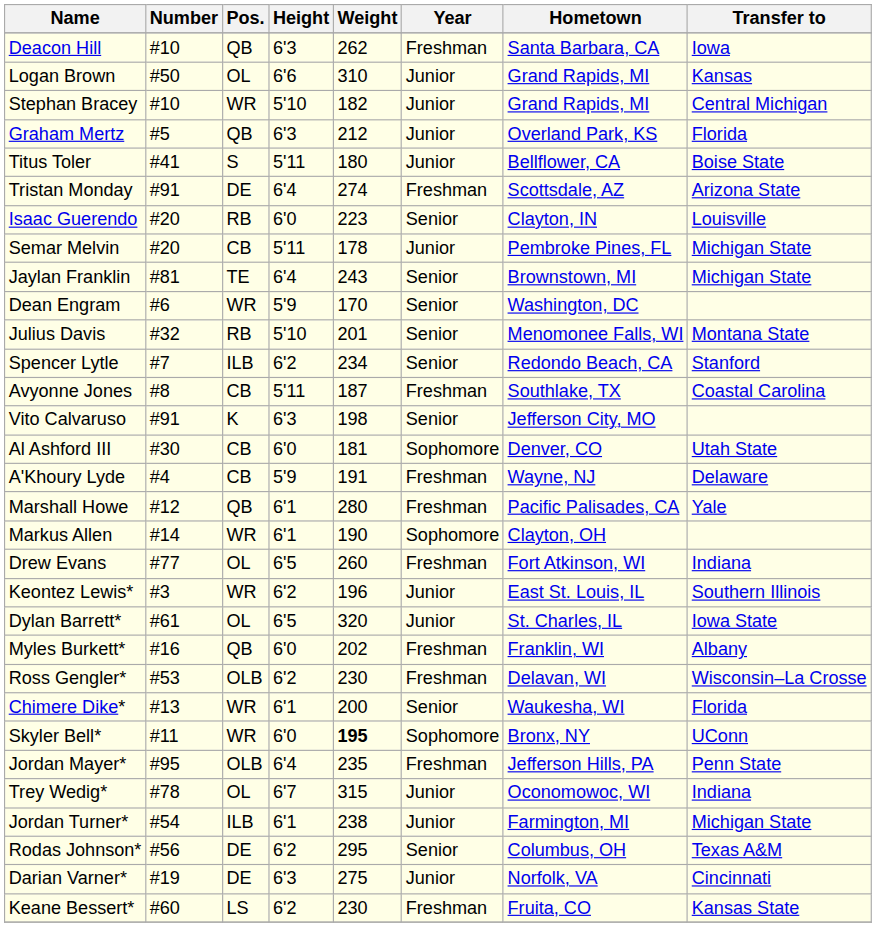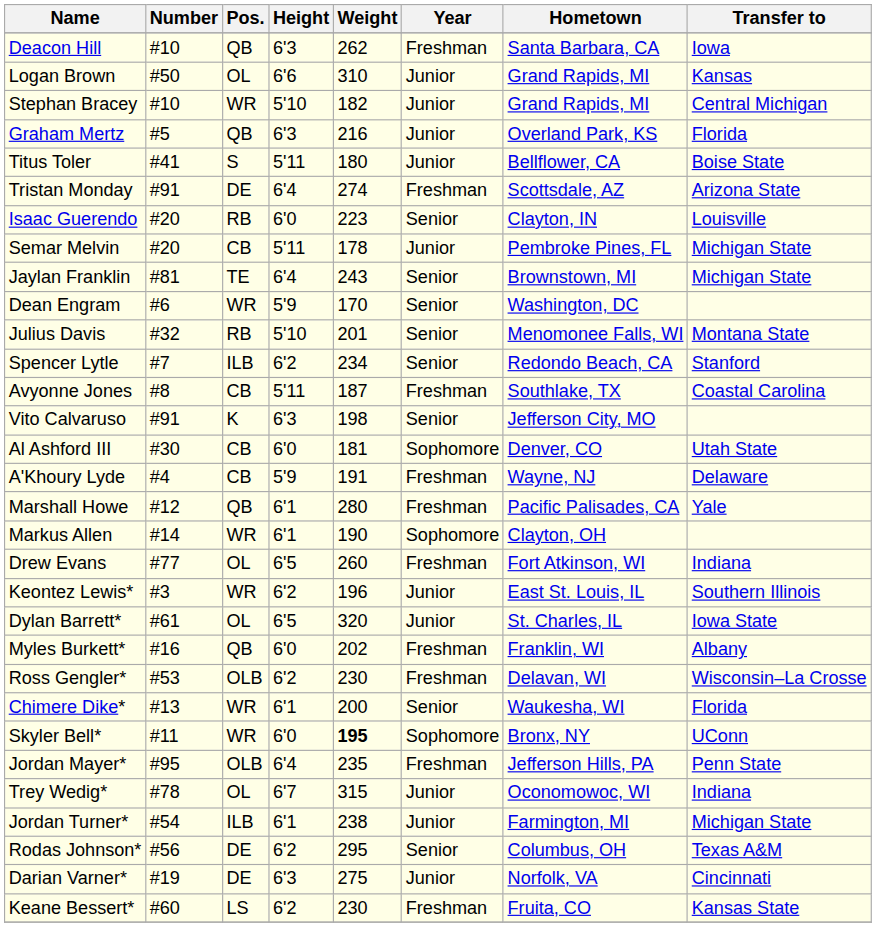 <table class="wikitable sortable">
 <tr align=center>
 <th>Name</th>
 <th>Number</th>
 <th>Pos.</th>
 <th>Height</th>
 <th>Weight</th>
 <th>Year</th>
 <th>Hometown</th>
 <th>Transfer to</th>
 </tr>
 <tr>
 </tr>
 <tr style="background:#FFFFE6;">
 <td><a href='#'>Deacon Hill</a></td>
 <td>#10</td>
 <td>QB</td>
 <td>6'3</td>
 <td>262</td>
 <td>Freshman </td>
 <td><a href='#'>Santa Barbara, CA</a></td>
 <td><a href='#'>Iowa</a></td>
 </tr>
 <tr style="background:#FFFFE6;">
 <td>Logan Brown</td>
 <td>#50</td>
 <td>OL</td>
 <td>6'6</td>
 <td>310</td>
 <td>Junior </td>
 <td><a href='#'>Grand Rapids, MI</a></td>
 <td><a href='#'>Kansas</a></td>
 </tr>
 <tr style="background:#FFFFE6;">
 <td>Stephan Bracey</td>
 <td>#10</td>
 <td>WR</td>
 <td>5'10</td>
 <td>182</td>
 <td>Junior </td>
 <td><a href='#'>Grand Rapids, MI</a></td>
 <td><a href='#'>Central Michigan</a></td>
 </tr>
 <tr style="background:#FFFFE6;">
 <td><a href='#'>Graham Mertz</a></td>
 <td>#5</td>
 <td>QB</td>
 <td>6'3</td>
-<td>212</td>
+<td>216</td>
 <td>Junior </td>
 <td><a href='#'>Overland Park, KS</a></td>
 <td><a href='#'>Florida</a></td>
 </tr>
 <tr style="background:#FFFFE6;">
 <td>Titus Toler</td>
 <td>#41</td>
 <td>S</td>
 <td>5'11</td>
 <td>180</td>
 <td>Junior </td>
 <td><a href='#'>Bellflower, CA</a></td>
 <td><a href='#'>Boise State</a></td>
 </tr>
 <tr style="background:#FFFFE6;">
 <td>Tristan Monday</td>
 <td>#91</td>
 <td>DE</td>
 <td>6'4</td>
 <td>274</td>
 <td>Freshman</td>
 <td><a href='#'>Scottsdale, AZ</a></td>
 <td><a href='#'>Arizona State</a></td>
 </tr>
 <tr style="background:#FFFFE6;">
 <td><a href='#'>Isaac Guerendo</a></td>
 <td>#20</td>
 <td>RB</td>
 <td>6'0</td>
 <td>223</td>
 <td>Senior </td>
 <td><a href='#'>Clayton, IN</a></td>
 <td><a href='#'>Louisville</a></td>
 </tr>
 <tr style="background:#FFFFE6;">
 <td>Semar Melvin</td>
 <td>#20</td>
 <td>CB</td>
 <td>5'11</td>
 <td>178</td>
 <td>Junior </td>
 <td><a href='#'>Pembroke Pines, FL</a></td>
 <td><a href='#'>Michigan State</a></td>
 </tr>
 <tr style="background:#FFFFE6;">
 <td>Jaylan Franklin</td>
 <td>#81</td>
 <td>TE</td>
 <td>6'4</td>
 <td>243</td>
 <td>Senior </td>
 <td><a href='#'>Brownstown, MI</a></td>
 <td><a href='#'>Michigan State</a></td>
 </tr>
 <tr style="background:#FFFFE6;">
 <td>Dean Engram</td>
 <td>#6</td>
 <td>WR</td>
 <td>5'9</td>
 <td>170</td>
 <td>Senior </td>
 <td><a href='#'>Washington, DC</a></td>
 <td></td>
 </tr>
 <tr style="background:#FFFFE6;">
 <td>Julius Davis</td>
 <td>#32</td>
 <td>RB</td>
 <td>5'10</td>
 <td>201</td>
 <td>Senior </td>
 <td><a href='#'>Menomonee Falls, WI</a></td>
 <td><a href='#'>Montana State</a></td>
 </tr>
 <tr style="background:#FFFFE6;">
 <td>Spencer Lytle</td>
 <td>#7</td>
 <td>ILB</td>
 <td>6'2</td>
 <td>234</td>
 <td>Senior </td>
 <td><a href='#'>Redondo Beach, CA</a></td>
 <td><a href='#'>Stanford</a></td>
 </tr>
 <tr style="background:#FFFFE6;">
 <td>Avyonne Jones</td>
 <td>#8</td>
 <td>CB</td>
 <td>5'11</td>
 <td>187</td>
 <td>Freshman </td>
 <td><a href='#'>Southlake, TX</a></td>
 <td><a href='#'>Coastal Carolina</a></td>
 </tr>
 <tr style="background:#FFFFE6;">
 <td>Vito Calvaruso</td>
 <td>#91</td>
 <td>K</td>
 <td>6'3</td>
 <td>198</td>
 <td>Senior </td>
 <td><a href='#'>Jefferson City, MO</a></td>
 <td></td>
 </tr>
 <tr style="background:#FFFFE6;">
 <td>Al Ashford III</td>
 <td>#30</td>
 <td>CB</td>
 <td>6'0</td>
 <td>181</td>
 <td>Sophomore </td>
 <td><a href='#'>Denver, CO</a></td>
 <td><a href='#'>Utah State</a></td>
 </tr>
 <tr style="background:#FFFFE6;">
 <td>A'Khoury Lyde</td>
 <td>#4</td>
 <td>CB</td>
 <td>5'9</td>
 <td>191</td>
 <td>Freshman </td>
 <td><a href='#'>Wayne, NJ</a></td>
 <td><a href='#'>Delaware</a></td>
 </tr>
 <tr style="background:#FFFFE6;">
 <td>Marshall Howe</td>
 <td>#12</td>
 <td>QB</td>
 <td>6'1</td>
 <td>280</td>
 <td>Freshman </td>
 <td><a href='#'>Pacific Palisades, CA</a></td>
 <td><a href='#'>Yale</a></td>
 </tr>
 <tr style="background:#FFFFE6;">
 <td>Markus Allen</td>
 <td>#14</td>
 <td>WR</td>
 <td>6'1</td>
 <td>190</td>
 <td>Sophomore </td>
 <td><a href='#'>Clayton, OH</a></td>
 <td></td>
 </tr>
 <tr style="background:#FFFFE6;">
 <td>Drew Evans</td>
 <td>#77</td>
 <td>OL</td>
 <td>6'5</td>
 <td>260</td>
 <td>Freshman </td>
 <td><a href='#'>Fort Atkinson, WI</a></td>
 <td><a href='#'>Indiana</a></td>
 </tr>
 <tr style="background:#FFFFE6;">
 <td>Keontez Lewis*</td>
 <td>#3</td>
 <td>WR</td>
 <td>6'2</td>
 <td>196</td>
 <td>Junior</td>
 <td><a href='#'>East St. Louis, IL</a></td>
 <td><a href='#'>Southern Illinois</a></td>
 </tr>
 <tr style="background:#FFFFE6;">
 <td>Dylan Barrett*</td>
 <td>#61</td>
 <td>OL</td>
 <td>6'5</td>
 <td>320</td>
 <td>Junior </td>
 <td><a href='#'>St. Charles, IL</a></td>
 <td><a href='#'>Iowa State</a></td>
 </tr>
 <tr style="background:#FFFFE6;">
 <td>Myles Burkett*</td>
 <td>#16</td>
 <td>QB</td>
 <td>6'0</td>
 <td>202</td>
 <td>Freshman </td>
 <td><a href='#'>Franklin, WI</a></td>
 <td><a href='#'>Albany</a></td>
 </tr>
 <tr style="background:#FFFFE6;">
 <td>Ross Gengler*</td>
 <td>#53</td>
 <td>OLB</td>
 <td>6'2</td>
 <td>230</td>
 <td>Freshman</td>
 <td><a href='#'>Delavan, WI</a></td>
 <td><a href='#'>Wisconsin–La Crosse</a></td>
 </tr>
 <tr style="background:#FFFFE6;">
 <td><a href='#'>Chimere Dike</a>*</td>
 <td>#13</td>
 <td>WR</td>
 <td>6'1</td>
 <td>200</td>
 <td>Senior</td>
 <td><a href='#'>Waukesha, WI</a></td>
 <td><a href='#'>Florida</a></td>
 </tr>
 <tr style="background:#FFFFE6;">
 <td>Skyler Bell*</td>
 <td>#11</td>
 <td>WR</td>
 <td>6'0</td>
 <td><strong>195</strong></td>
 <td>Sophomore </td>
 <td><a href='#'>Bronx, NY</a></td>
 <td><a href='#'>UConn</a></td>
 </tr>
 <tr style="background:#FFFFE6;">
 <td>Jordan Mayer*</td>
 <td>#95</td>
 <td>OLB</td>
 <td>6'4</td>
 <td>235</td>
 <td>Freshman</td>
 <td><a href='#'>Jefferson Hills, PA</a></td>
 <td><a href='#'>Penn State</a></td>
 </tr>
 <tr style="background:#FFFFE6;">
 <td>Trey Wedig*</td>
 <td>#78</td>
 <td>OL</td>
 <td>6'7</td>
 <td>315</td>
 <td>Junior </td>
 <td><a href='#'>Oconomowoc, WI</a></td>
 <td><a href='#'>Indiana</a></td>
 </tr>
 <tr style="background:#FFFFE6;">
 <td>Jordan Turner*</td>
 <td>#54</td>
 <td>ILB</td>
 <td>6'1</td>
 <td>238</td>
 <td>Junior </td>
 <td><a href='#'>Farmington, MI</a></td>
 <td><a href='#'>Michigan State</a></td>
 </tr>
 <tr style="background:#FFFFE6;">
 <td>Rodas Johnson*</td>
 <td>#56</td>
 <td>DE</td>
 <td>6'2</td>
 <td>295</td>
 <td>Senior </td>
 <td><a href='#'>Columbus, OH</a></td>
 <td><a href='#'>Texas A&M</a></td>
 </tr>
 <tr style="background:#FFFFE6;">
 <td>Darian Varner*</td>
 <td>#19</td>
 <td>DE</td>
 <td>6'3</td>
 <td>275</td>
 <td>Junior </td>
 <td><a href='#'>Norfolk, VA</a></td>
 <td><a href='#'>Cincinnati</a></td>
 </tr>
 <tr style="background:#FFFFE6;">
 <td>Keane Bessert*</td>
 <td>#60</td>
 <td>LS</td>
 <td>6'2</td>
 <td>230</td>
 <td>Freshman</td>
 <td><a href='#'>Fruita, CO</a></td>
 <td><a href='#'>Kansas State</a></td>
 </tr>
 <tr>
 </tr>
 </table>
